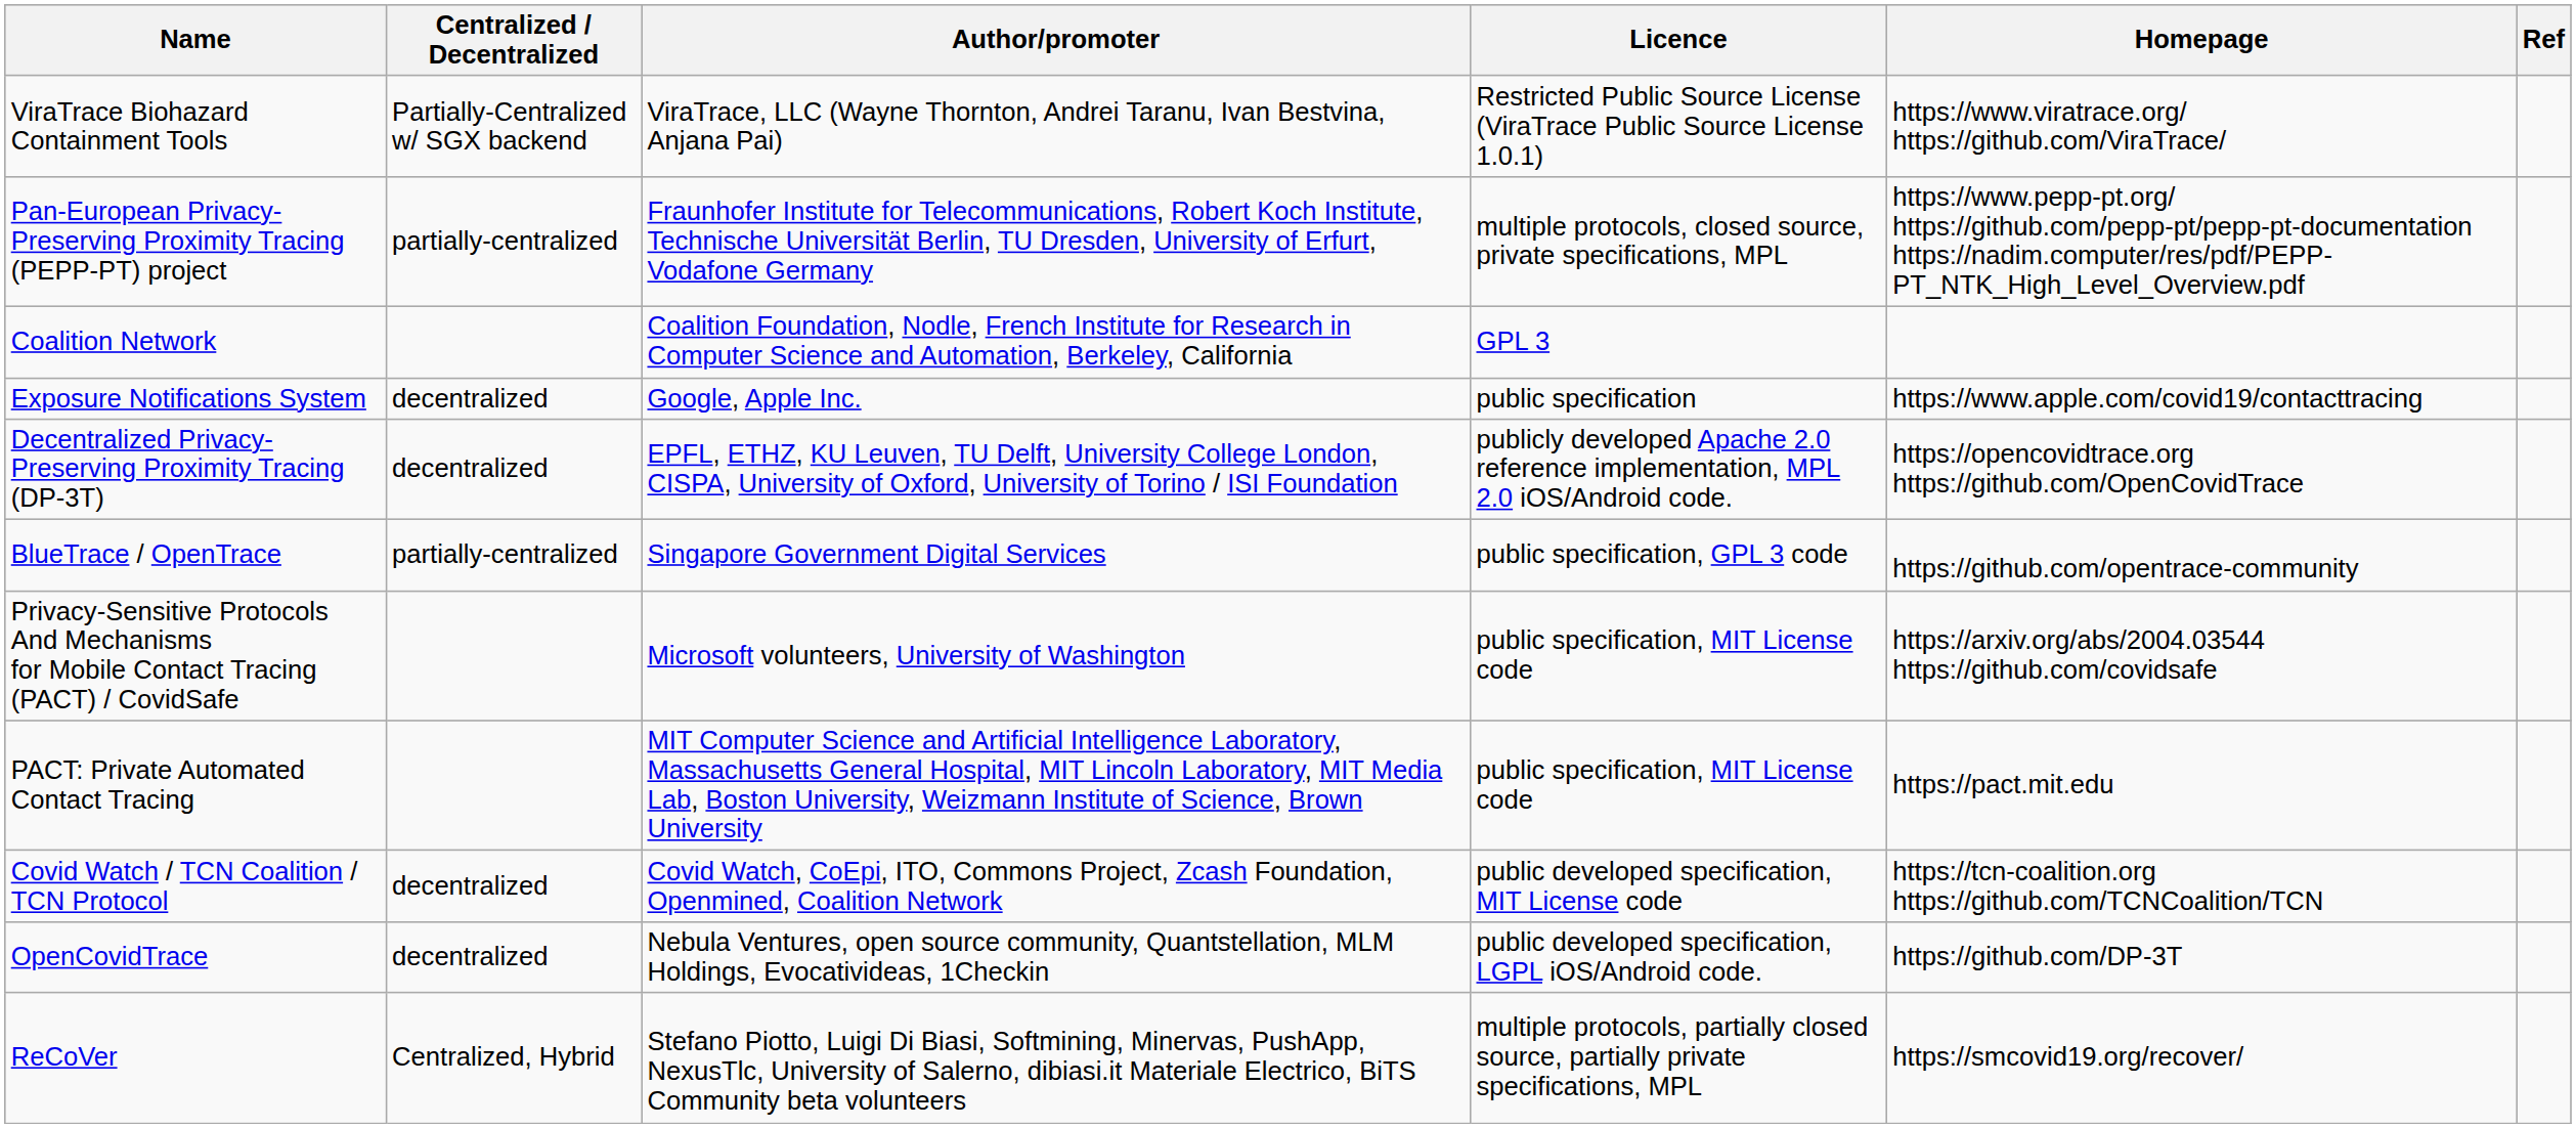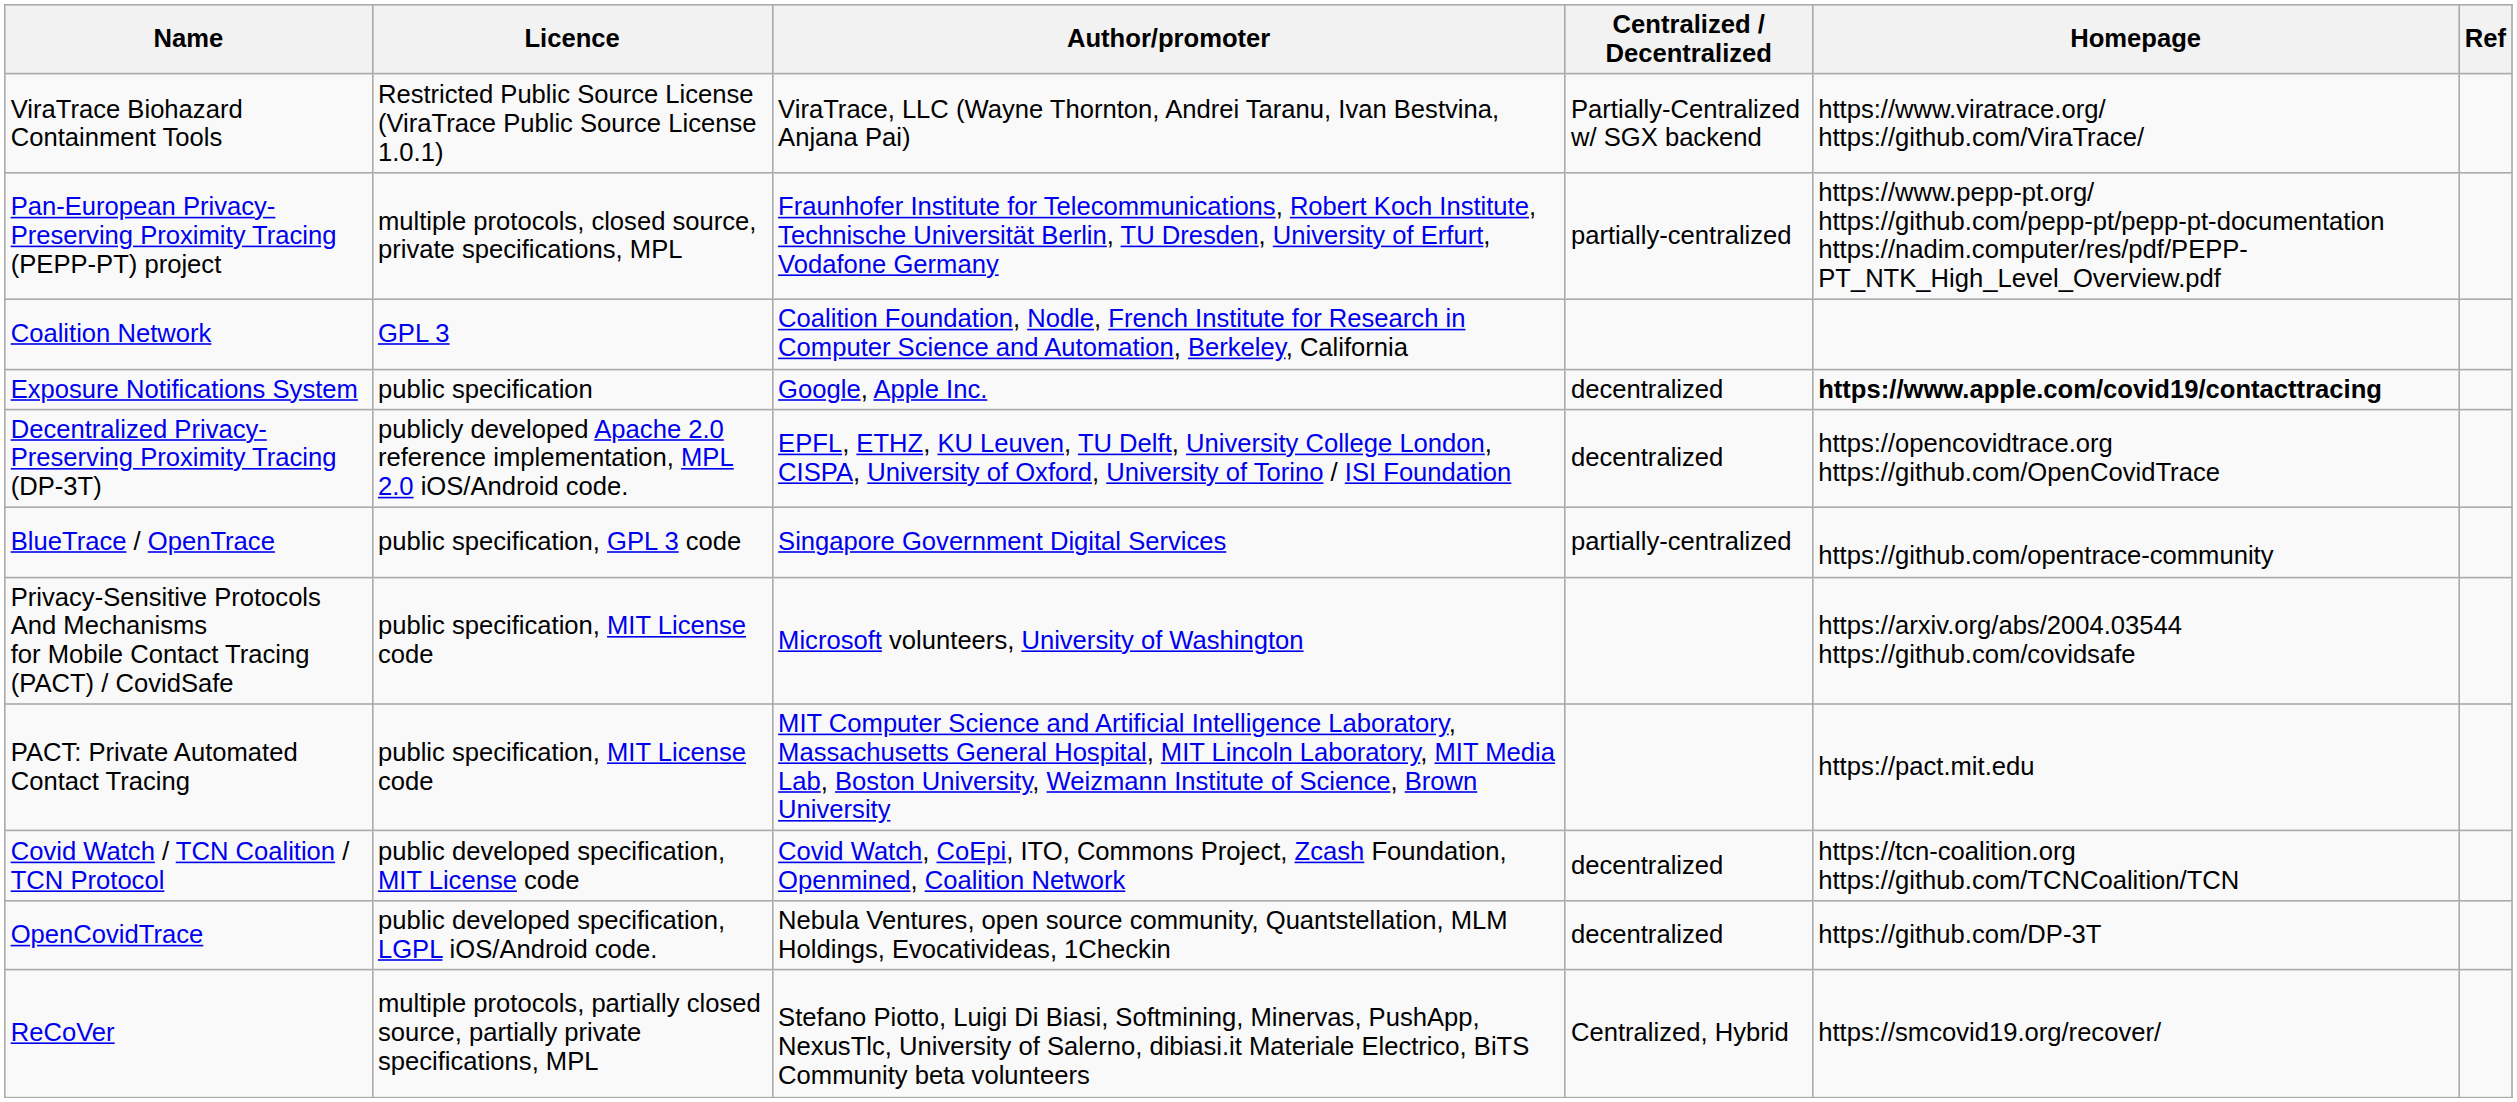 <table class="wikitable sortable">
 <tr>
 <th>Name</th>
+<th>Licence</th>
+<th>Author/promoter</th>
 <th>Centralized / Decentralized</th>
-<th>Author/promoter</th>
-<th>Licence</th>
 <th>Homepage</th>
 <th>Ref</th>
 </tr>
 <tr>
 <td>ViraTrace Biohazard Containment Tools</td>
+<td>Restricted Public Source License (ViraTrace Public Source License 1.0.1)</td>
+<td>ViraTrace, LLC (Wayne Thornton, Andrei Taranu, Ivan Bestvina, Anjana Pai)</td>
 <td>Partially-Centralized w/ SGX backend</td>
-<td>ViraTrace, LLC (Wayne Thornton, Andrei Taranu, Ivan Bestvina, Anjana Pai)</td>
-<td>Restricted Public Source License (ViraTrace Public Source License 1.0.1)</td>
 <td>https://www.viratrace.org/<br>https://github.com/ViraTrace/</td>
 <td></td>
 </tr>
 <tr>
 <td><a href='#'>Pan-European Privacy-Preserving Proximity Tracing</a> (PEPP-PT) project</td>
+<td>multiple protocols, closed source, private specifications, MPL</td>
+<td><a href='#'>Fraunhofer Institute for Telecommunications</a>, <a href='#'>Robert Koch Institute</a>, <a href='#'>Technische Universität Berlin</a>, <a href='#'>TU Dresden</a>, <a href='#'>University of Erfurt</a>, <a href='#'>Vodafone Germany</a></td>
 <td>partially-centralized</td>
-<td><a href='#'>Fraunhofer Institute for Telecommunications</a>, <a href='#'>Robert Koch Institute</a>, <a href='#'>Technische Universität Berlin</a>, <a href='#'>TU Dresden</a>, <a href='#'>University of Erfurt</a>, <a href='#'>Vodafone Germany</a></td>
-<td>multiple protocols, closed source, private specifications, MPL</td>
 <td>https://www.pepp-pt.org/ <br>https://github.com/pepp-pt/pepp-pt-documentation<br> https://nadim.computer/res/pdf/PEPP-PT_NTK_High_Level_Overview.pdf</td>
 <td></td>
 </tr>
 <tr>
 <td><a href='#'>Coalition Network</a></td>
+<td><a href='#'>GPL 3</a></td>
+<td><a href='#'>Coalition Foundation</a>, <a href='#'>Nodle</a>, <a href='#'>French Institute for Research in Computer Science and Automation</a>, <a href='#'>Berkeley</a>, California</td>
 <td></td>
-<td><a href='#'>Coalition Foundation</a>, <a href='#'>Nodle</a>, <a href='#'>French Institute for Research in Computer Science and Automation</a>, <a href='#'>Berkeley</a>, California</td>
-<td><a href='#'>GPL 3</a></td>
 <td></td>
 <td></td>
 </tr>
 <tr>
 <td><a href='#'>Exposure Notifications System</a></td>
+<td>public specification</td>
+<td><a href='#'>Google</a>, <a href='#'>Apple Inc.</a></td>
 <td>decentralized</td>
-<td><a href='#'>Google</a>, <a href='#'>Apple Inc.</a></td>
-<td>public specification</td>
-<td>https://www.apple.com/covid19/contacttracing</td>
+<td><strong>https://www.apple.com/covid19/contacttracing</strong></td>
 <td></td>
 </tr>
 <tr>
 <td><a href='#'>Decentralized Privacy-Preserving Proximity Tracing</a> (DP-3T)</td>
+<td>publicly developed <a href='#'>Apache 2.0</a> reference implementation, <a href='#'>MPL 2.0</a> iOS/Android code.</td>
+<td><a href='#'>EPFL</a>, <a href='#'>ETHZ</a>, <a href='#'>KU Leuven</a>, <a href='#'>TU Delft</a>, <a href='#'>University College London</a>, <a href='#'>CISPA</a>, <a href='#'>University of Oxford</a>, <a href='#'>University of Torino</a> / <a href='#'>ISI Foundation</a></td>
 <td>decentralized</td>
-<td><a href='#'>EPFL</a>, <a href='#'>ETHZ</a>, <a href='#'>KU Leuven</a>, <a href='#'>TU Delft</a>, <a href='#'>University College London</a>, <a href='#'>CISPA</a>, <a href='#'>University of Oxford</a>, <a href='#'>University of Torino</a> / <a href='#'>ISI Foundation</a></td>
-<td>publicly developed <a href='#'>Apache 2.0</a> reference implementation, <a href='#'>MPL 2.0</a> iOS/Android code.</td>
 <td>https://opencovidtrace.org <br> https://github.com/OpenCovidTrace</td>
 <td></td>
 </tr>
 <tr>
 <td><a href='#'>BlueTrace</a> / <a href='#'>OpenTrace</a></td>
+<td>public specification, <a href='#'>GPL 3</a> code</td>
+<td><a href='#'>Singapore Government Digital Services</a></td>
 <td>partially-centralized</td>
-<td><a href='#'>Singapore Government Digital Services</a></td>
-<td>public specification, <a href='#'>GPL 3</a> code</td>
 <td><br> https://github.com/opentrace-community</td>
 <td></td>
 </tr>
 <tr>
 <td>Privacy-Sensitive Protocols And Mechanisms<br>for Mobile Contact Tracing (PACT) / CovidSafe</td>
+<td>public specification, <a href='#'>MIT License</a> code</td>
+<td><a href='#'>Microsoft</a> volunteers, <a href='#'>University of Washington</a></td>
 <td></td>
-<td><a href='#'>Microsoft</a> volunteers, <a href='#'>University of Washington</a></td>
-<td>public specification, <a href='#'>MIT License</a> code</td>
 <td>https://arxiv.org/abs/2004.03544<br> https://github.com/covidsafe</td>
 <td><br></td>
 </tr>
 <tr>
 <td>PACT: Private Automated Contact Tracing</td>
+<td>public specification, <a href='#'>MIT License</a> code</td>
+<td><a href='#'>MIT Computer Science and Artificial Intelligence Laboratory</a>, <a href='#'>Massachusetts General Hospital</a>, <a href='#'>MIT Lincoln Laboratory</a>, <a href='#'>MIT Media Lab</a>, <a href='#'>Boston University</a>, <a href='#'>Weizmann Institute of Science</a>, <a href='#'>Brown University</a></td>
 <td></td>
-<td><a href='#'>MIT Computer Science and Artificial Intelligence Laboratory</a>, <a href='#'>Massachusetts General Hospital</a>, <a href='#'>MIT Lincoln Laboratory</a>, <a href='#'>MIT Media Lab</a>, <a href='#'>Boston University</a>, <a href='#'>Weizmann Institute of Science</a>, <a href='#'>Brown University</a></td>
-<td>public specification, <a href='#'>MIT License</a> code</td>
 <td>https://pact.mit.edu</td>
 <td><br>  </td>
 </tr>
 <tr>
 <td><a href='#'>Covid Watch</a> / <a href='#'>TCN Coalition</a> / <a href='#'>TCN Protocol</a></td>
+<td>public developed specification, <a href='#'>MIT License</a> code</td>
+<td><a href='#'>Covid Watch</a>, <a href='#'>CoEpi</a>, ITO, Commons Project, <a href='#'>Zcash</a> Foundation, <a href='#'>Openmined</a>, <a href='#'>Coalition Network</a></td>
 <td>decentralized</td>
-<td><a href='#'>Covid Watch</a>, <a href='#'>CoEpi</a>, ITO, Commons Project, <a href='#'>Zcash</a> Foundation, <a href='#'>Openmined</a>, <a href='#'>Coalition Network</a></td>
-<td>public developed specification, <a href='#'>MIT License</a> code</td>
 <td>https://tcn-coalition.org <br> https://github.com/TCNCoalition/TCN</td>
 <td></td>
 </tr>
 <tr>
 <td><a href='#'>OpenCovidTrace</a></td>
+<td>public developed specification, <a href='#'>LGPL</a> iOS/Android code.</td>
+<td>Nebula Ventures, open source community, Quantstellation, MLM Holdings, Evocativideas, 1Checkin</td>
 <td>decentralized</td>
-<td>Nebula Ventures, open source community, Quantstellation, MLM Holdings, Evocativideas, 1Checkin</td>
-<td>public developed specification, <a href='#'>LGPL</a> iOS/Android code.</td>
 <td>https://github.com/DP-3T</td>
 <td></td>
 </tr>
 <tr>
 <td><a href='#'>ReCoVer</a></td>
+<td>multiple protocols, partially closed source, partially private specifications, MPL</td>
+<td><br>Stefano Piotto, Luigi Di Biasi, Softmining, Minervas, PushApp, NexusTlc, University of Salerno, dibiasi.it Materiale Electrico, BiTS Community beta volunteers</td>
 <td>Centralized, Hybrid</td>
-<td><br>Stefano Piotto, Luigi Di Biasi, Softmining, Minervas, PushApp, NexusTlc, University of Salerno, dibiasi.it Materiale Electrico, BiTS Community beta volunteers</td>
-<td>multiple protocols, partially closed source, partially private specifications, MPL</td>
 <td>https://smcovid19.org/recover/</td>
 <td></td>
 </tr>
 </table>
